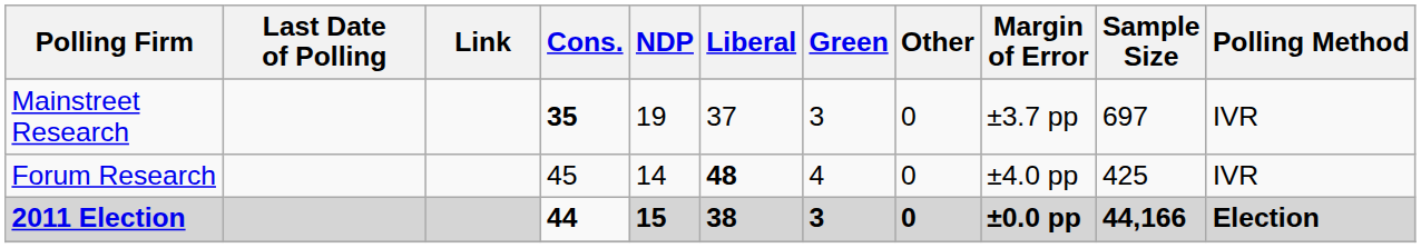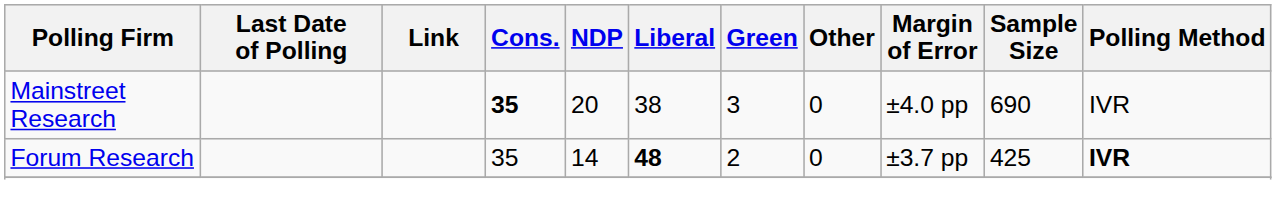 <table class="wikitable sortable">
 <tr style="background:#e9e9e9;">
 <th style="width:120px">Polling Firm</th>
 <th style="width:110px">Last Date<br>of Polling</th>
 <th style="width:60px" class="unsortable">Link</th>
 <th style="background-color:"><strong><a href='#'>Cons.</a></strong></th>
 <th style="background-color:"><strong><a href='#'>NDP</a></strong></th>
 <th style="background-color:"><strong><a href='#'>Liberal</a></strong></th>
 <th style="background-color:"><strong><a href='#'>Green</a></strong></th>
 <th style="background-color:"><strong>Other</strong></th>
 <th style="width:60px;" class=unsortable>Margin<br>of Error</th>
 <th style="width:50px;" class=unsortable>Sample<br>Size</th>
 <th class=unsortable>Polling Method</th>
 </tr>
 <tr>
 <td><a href='#'>Mainstreet Research</a></td>
 <td></td>
 <td></td>
 <td><strong>35</strong></td>
-<td>19</td>
-<td>37</td>
+<td>20</td>
+<td>38</td>
 <td>3</td>
 <td>0</td>
-<td>±3.7 pp</td>
-<td>697</td>
+<td>±4.0 pp</td>
+<td>690</td>
 <td>IVR</td>
 </tr>
 <tr>
 <td><a href='#'>Forum Research</a></td>
 <td></td>
 <td></td>
-<td>45</td>
+<td>35</td>
 <td>14</td>
 <td><strong>48</strong></td>
-<td>4</td>
+<td>2</td>
 <td>0</td>
-<td>±4.0 pp</td>
+<td>±3.7 pp</td>
 <td>425</td>
-<td>IVR</td>
-</tr>
-<tr>
-<td style="background:#D5D5D5"><strong><a href='#'>2011 Election</a></strong></td>
-<td style="background:#D5D5D5"><strong></strong></td>
-<td style="background:#D5D5D5"></td>
-<td><strong>44</strong></td>
-<td style="background:#D5D5D5"><strong>15</strong></td>
-<td style="background:#D5D5D5"><strong>38</strong></td>
-<td style="background:#D5D5D5"><strong>3</strong></td>
-<td style="background:#D5D5D5"><strong>0</strong></td>
-<td style="background:#D5D5D5"><strong>±0.0 pp</strong></td>
-<td style="background:#D5D5D5"><strong>44,166</strong></td>
-<td style="background:#D5D5D5"><strong>Election</strong></td>
+<td><strong>IVR</strong></td>
 </tr>
 <tr>
 </tr>
 <tr>
 </tr>
 </table>
